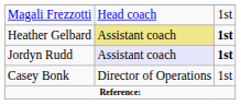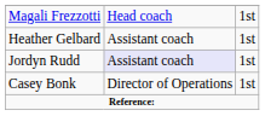 <table class="wikitable" style="font-size:93%;">
 <tr>
 </tr>
 <tr>
 <td><a href='#'>Magali Frezzotti</a></td>
 <td><a href='#'>Head coach</a></td>
 <td align=center>1st</td>
 </tr>
 <tr>
 <td>Heather Gelbard</td>
-<td style="background: khaki;">Assistant coach</td>
-<td align=center><strong>1st</strong></td>
+<td>Assistant coach</td>
+<td align=center>1st</td>
 </tr>
 <tr>
 <td>Jordyn Rudd</td>
 <td style="background: lavender;">Assistant coach</td>
-<td align=center><strong>1st</strong></td>
+<td align=center>1st</td>
 </tr>
 <tr>
 <td>Casey Bonk</td>
 <td>Director of Operations</td>
 <td align=center>1st</td>
 </tr>
 <tr>
 <td colspan="4"  style="font-size:8pt; text-align:center;"><strong>Reference:</strong></td>
 </tr>
 </table>
